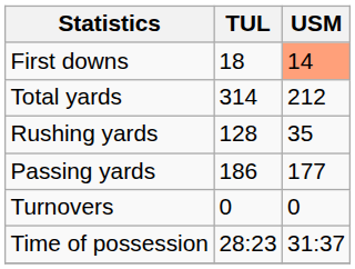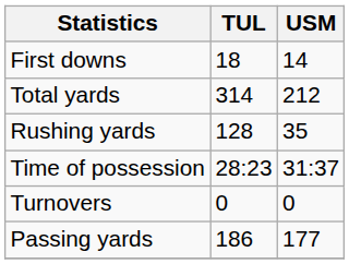 <table class="wikitable" style="float: left;">
 <tr>
 <th>Statistics</th>
 <th>TUL</th>
 <th>USM</th>
 </tr>
 <tr>
 <td>First downs</td>
 <td>18</td>
-<td style="background: lightsalmon;">14</td>
+<td>14</td>
 </tr>
 <tr>
 <td>Total yards</td>
 <td>314</td>
 <td>212</td>
 </tr>
 <tr>
 <td>Rushing yards</td>
 <td>128</td>
 <td>35</td>
 </tr>
 <tr>
-<td>Passing yards</td>
-<td>186</td>
-<td>177</td>
+<td>Time of possession</td>
+<td>28:23</td>
+<td>31:37</td>
 </tr>
 <tr>
 <td>Turnovers</td>
 <td>0</td>
 <td>0</td>
 </tr>
 <tr>
-<td>Time of possession</td>
-<td>28:23</td>
-<td>31:37</td>
+<td>Passing yards</td>
+<td>186</td>
+<td>177</td>
 </tr>
 <tr>
 </tr>
 </table>
